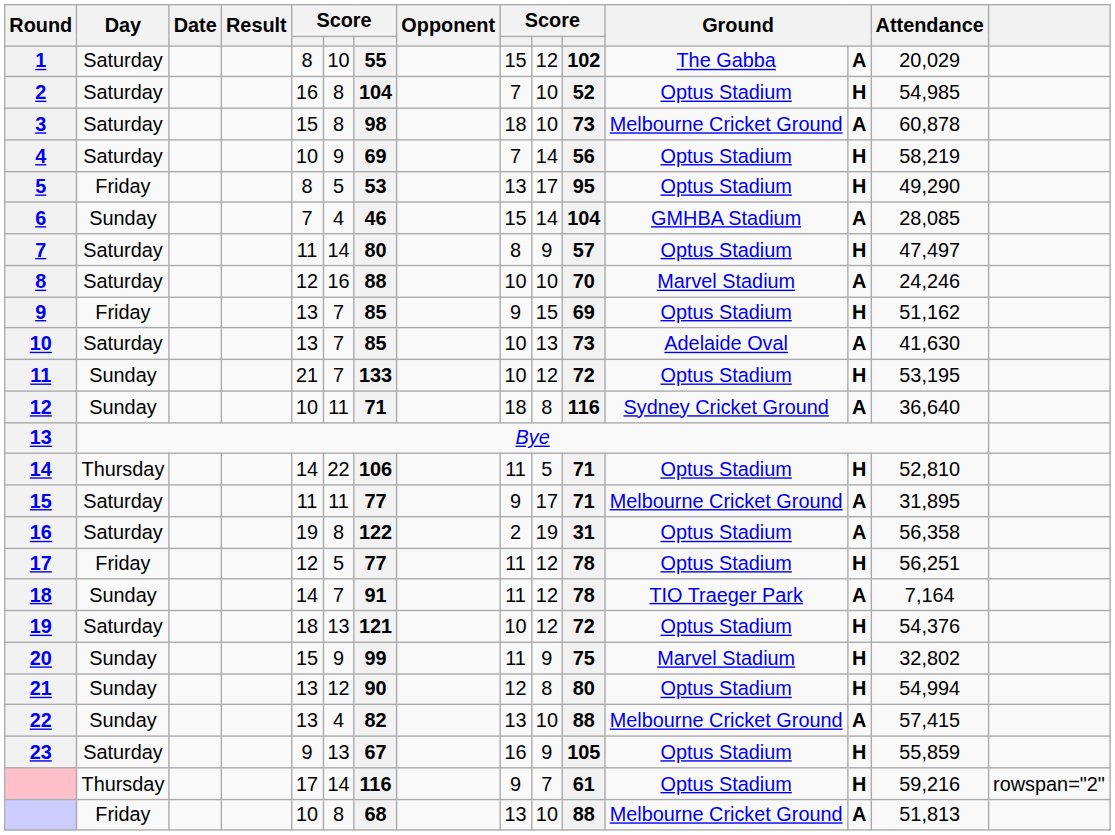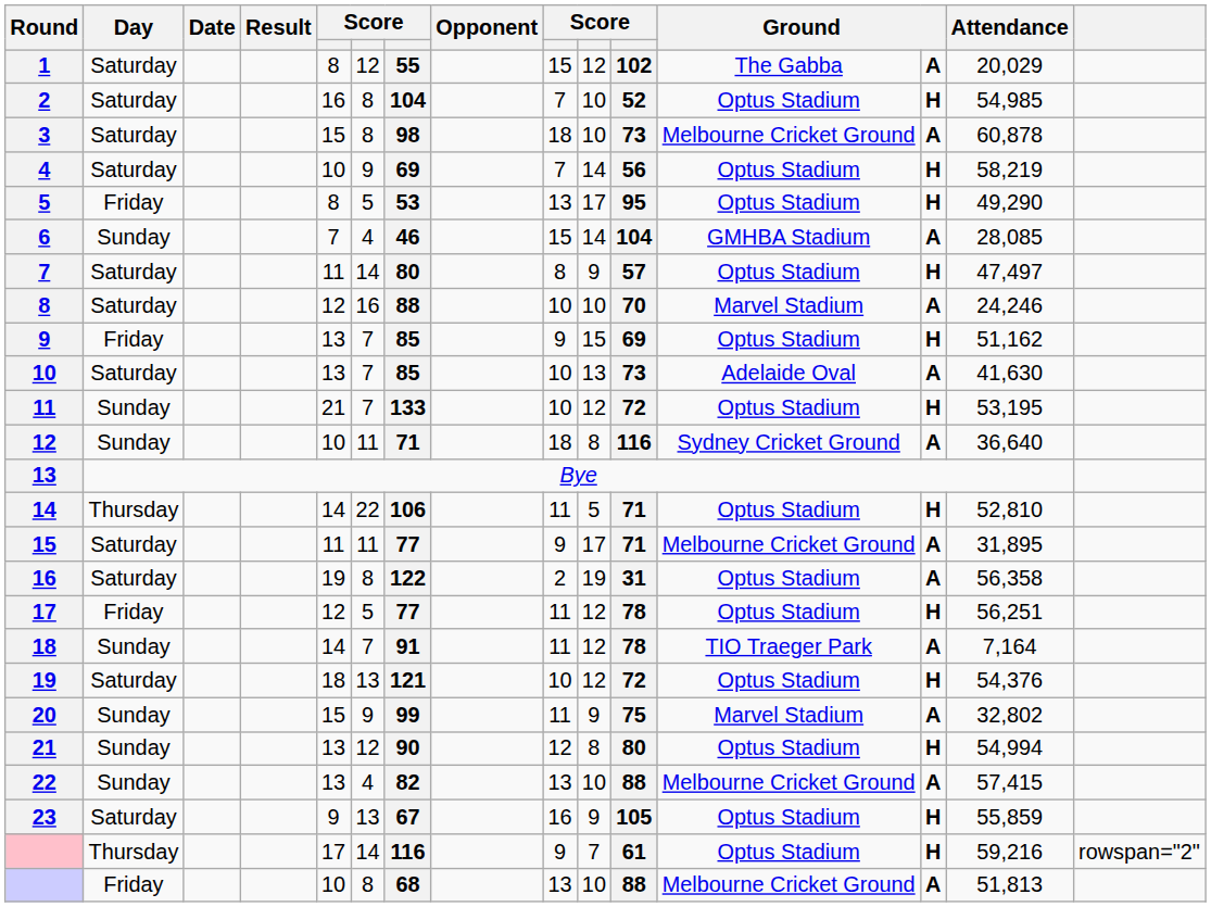 <table class="wikitable plainrowheaders sortable" style="font-size:90%; text-align:center;">
 <tr>
 <th scope="col" rowspan="2">Round</th>
 <th scope="col" rowspan="2">Day</th>
 <th scope="col" rowspan="2">Date</th>
 <th scope="col" rowspan="2">Result</th>
 <th scope="col" colspan="3">Score</th>
 <th scope="col" rowspan="2">Opponent</th>
 <th scope="col" colspan="3">Score</th>
 <th scope="col" rowspan="2" colspan="2">Ground</th>
 <th scope="col" rowspan="2">Attendance</th>
 <th scope="col" rowspan="2"></th>
 </tr>
 <tr>
 <th scope="col"></th>
 <th scope="col"></th>
 <th scope="col"></th>
 <th scope="col"></th>
 <th scope="col"></th>
 <th scope="col"></th>
 </tr>
 <tr>
 <th scope="row" style="text-align:center;"><a href='#'>1</a></th>
 <td>Saturday</td>
 <td></td>
 <td></td>
 <td>8</td>
-<td>10</td>
+<td>12</td>
 <th>55</th>
 <td></td>
 <td>15</td>
 <td>12</td>
 <th>102</th>
 <td data-sort-value="Gabba"><a href='#'>The Gabba</a></td>
 <td><strong>A</strong></td>
 <td>20,029</td>
 <td></td>
 </tr>
 <tr>
 <th scope="row" style="text-align:center;"><a href='#'>2</a></th>
 <td>Saturday</td>
 <td></td>
 <td></td>
 <td>16</td>
 <td>8</td>
 <th>104</th>
 <td></td>
 <td>7</td>
 <td>10</td>
 <th>52</th>
 <td><a href='#'>Optus Stadium</a></td>
 <td><strong>H</strong></td>
 <td>54,985</td>
 <td></td>
 </tr>
 <tr>
 <th scope="row" style="text-align:center;"><a href='#'>3</a></th>
 <td>Saturday</td>
 <td></td>
 <td></td>
 <td>15</td>
 <td>8</td>
 <th>98</th>
 <td></td>
 <td>18</td>
 <td>10</td>
 <th>73</th>
 <td><a href='#'>Melbourne Cricket Ground</a></td>
 <td><strong>A</strong></td>
 <td>60,878</td>
 <td></td>
 </tr>
 <tr>
 <th scope="row" style="text-align:center;"><a href='#'>4</a></th>
 <td>Saturday</td>
 <td></td>
 <td></td>
 <td>10</td>
 <td>9</td>
 <th>69</th>
 <td></td>
 <td>7</td>
 <td>14</td>
 <th>56</th>
 <td><a href='#'>Optus Stadium</a></td>
 <td><strong>H</strong></td>
 <td>58,219</td>
 <td></td>
 </tr>
 <tr>
 <th scope="row" style="text-align:center;"><a href='#'>5</a></th>
 <td>Friday</td>
 <td></td>
 <td></td>
 <td>8</td>
 <td>5</td>
 <th>53</th>
 <td></td>
 <td>13</td>
 <td>17</td>
 <th>95</th>
 <td><a href='#'>Optus Stadium</a></td>
 <td><strong>H</strong></td>
 <td>49,290</td>
 <td></td>
 </tr>
 <tr>
 <th scope="row" style="text-align:center;"><a href='#'>6</a></th>
 <td>Sunday</td>
 <td></td>
 <td></td>
 <td>7</td>
 <td>4</td>
 <th>46</th>
 <td></td>
 <td>15</td>
 <td>14</td>
 <th>104</th>
 <td><a href='#'>GMHBA Stadium</a></td>
 <td><strong>A</strong></td>
 <td>28,085</td>
 <td></td>
 </tr>
 <tr>
 <th scope="row" style="text-align:center;"><a href='#'>7</a></th>
 <td>Saturday</td>
 <td></td>
 <td></td>
 <td>11</td>
 <td>14</td>
 <th>80</th>
 <td></td>
 <td>8</td>
 <td>9</td>
 <th>57</th>
 <td><a href='#'>Optus Stadium</a></td>
 <td><strong>H</strong></td>
 <td>47,497</td>
 <td></td>
 </tr>
 <tr>
 <th scope="row" style="text-align:center;"><a href='#'>8</a></th>
 <td>Saturday</td>
 <td></td>
 <td></td>
 <td>12</td>
 <td>16</td>
 <th>88</th>
 <td></td>
 <td>10</td>
 <td>10</td>
 <th>70</th>
 <td><a href='#'>Marvel Stadium</a></td>
 <td><strong>A</strong></td>
 <td>24,246</td>
 <td></td>
 </tr>
 <tr>
 <th scope="row" style="text-align:center;"><a href='#'>9</a></th>
 <td>Friday</td>
 <td></td>
 <td></td>
 <td>13</td>
 <td>7</td>
 <th>85</th>
 <td></td>
 <td>9</td>
 <td>15</td>
 <th>69</th>
 <td><a href='#'>Optus Stadium</a></td>
 <td><strong>H</strong></td>
 <td>51,162</td>
 <td></td>
 </tr>
 <tr>
 <th scope="row" style="text-align:center;"><a href='#'>10</a></th>
 <td>Saturday</td>
 <td></td>
 <td></td>
 <td>13</td>
 <td>7</td>
 <th>85</th>
 <td></td>
 <td>10</td>
 <td>13</td>
 <th>73</th>
 <td><a href='#'>Adelaide Oval</a></td>
 <td><strong>A</strong></td>
 <td>41,630</td>
 <td></td>
 </tr>
 <tr>
 <th scope="row" style="text-align:center;"><a href='#'>11</a></th>
 <td>Sunday</td>
 <td></td>
 <td></td>
 <td>21</td>
 <td>7</td>
 <th>133</th>
 <td></td>
 <td>10</td>
 <td>12</td>
 <th>72</th>
 <td><a href='#'>Optus Stadium</a></td>
 <td><strong>H</strong></td>
 <td>53,195</td>
 <td></td>
 </tr>
 <tr>
 <th scope="row" style="text-align:center;"><a href='#'>12</a></th>
 <td>Sunday</td>
 <td></td>
 <td></td>
 <td>10</td>
 <td>11</td>
 <th>71</th>
 <td></td>
 <td>18</td>
 <td>8</td>
 <th>116</th>
 <td><a href='#'>Sydney Cricket Ground</a></td>
 <td><strong>A</strong></td>
 <td>36,640</td>
 <td></td>
 </tr>
 <tr>
 <th scope="row" style="text-align:center;"><a href='#'>13</a></th>
 <td colspan=13><em><a href='#'>Bye</a></em></td>
 <td></td>
 </tr>
 <tr>
 <th scope="row" style="text-align:center;"><a href='#'>14</a></th>
 <td>Thursday</td>
 <td></td>
 <td></td>
 <td>14</td>
 <td>22</td>
 <th>106</th>
 <td></td>
 <td>11</td>
 <td>5</td>
 <th>71</th>
 <td><a href='#'>Optus Stadium</a></td>
 <td><strong>H</strong></td>
 <td>52,810</td>
 <td></td>
 </tr>
 <tr>
 <th scope="row" style="text-align:center;"><a href='#'>15</a></th>
 <td>Saturday</td>
 <td></td>
 <td></td>
 <td>11</td>
 <td>11</td>
 <th>77</th>
 <td></td>
 <td>9</td>
 <td>17</td>
 <th>71</th>
 <td><a href='#'>Melbourne Cricket Ground</a></td>
 <td><strong>A</strong></td>
 <td>31,895</td>
 <td></td>
 </tr>
 <tr>
 <th scope="row" style="text-align:center;"><a href='#'>16</a></th>
 <td>Saturday</td>
 <td></td>
 <td></td>
 <td>19</td>
 <td>8</td>
 <th>122</th>
 <td></td>
 <td>2</td>
 <td>19</td>
 <th>31</th>
 <td><a href='#'>Optus Stadium</a></td>
 <td><strong>A</strong></td>
 <td>56,358</td>
 <td></td>
 </tr>
 <tr>
 <th scope="row" style="text-align:center;"><a href='#'>17</a></th>
 <td>Friday</td>
 <td></td>
 <td></td>
 <td>12</td>
 <td>5</td>
 <th>77</th>
 <td></td>
 <td>11</td>
 <td>12</td>
 <th>78</th>
 <td><a href='#'>Optus Stadium</a></td>
 <td><strong>H</strong></td>
 <td>56,251</td>
 <td></td>
 </tr>
 <tr>
 <th scope="row" style="text-align:center;"><a href='#'>18</a></th>
 <td>Sunday</td>
 <td></td>
 <td></td>
 <td>14</td>
 <td>7</td>
 <th>91</th>
 <td></td>
 <td>11</td>
 <td>12</td>
 <th>78</th>
 <td><a href='#'>TIO Traeger Park</a></td>
 <td><strong>A</strong></td>
 <td>7,164</td>
 <td></td>
 </tr>
 <tr>
 <th scope="row" style="text-align:center;"><a href='#'>19</a></th>
 <td>Saturday</td>
 <td></td>
 <td></td>
 <td>18</td>
 <td>13</td>
 <th>121</th>
 <td></td>
 <td>10</td>
 <td>12</td>
 <th>72</th>
 <td><a href='#'>Optus Stadium</a></td>
 <td><strong>H</strong></td>
 <td>54,376</td>
 <td></td>
 </tr>
 <tr>
 <th scope="row" style="text-align:center;"><a href='#'>20</a></th>
 <td>Sunday</td>
 <td></td>
 <td></td>
 <td>15</td>
 <td>9</td>
 <th>99</th>
 <td></td>
 <td>11</td>
 <td>9</td>
 <th>75</th>
 <td><a href='#'>Marvel Stadium</a></td>
-<td><strong>H</strong></td>
+<td><strong>A</strong></td>
 <td>32,802</td>
 <td></td>
 </tr>
 <tr>
 <th scope="row" style="text-align:center;"><a href='#'>21</a></th>
 <td>Sunday</td>
 <td></td>
 <td></td>
 <td>13</td>
 <td>12</td>
 <th>90</th>
 <td></td>
 <td>12</td>
 <td>8</td>
 <th>80</th>
 <td><a href='#'>Optus Stadium</a></td>
 <td><strong>H</strong></td>
 <td>54,994</td>
 <td></td>
 </tr>
 <tr>
 <th scope="row" style="text-align:center;"><a href='#'>22</a></th>
 <td>Sunday</td>
 <td></td>
 <td></td>
 <td>13</td>
 <td>4</td>
 <th>82</th>
 <td></td>
 <td>13</td>
 <td>10</td>
 <th>88</th>
 <td><a href='#'>Melbourne Cricket Ground</a></td>
 <td><strong>A</strong></td>
 <td>57,415</td>
 <td></td>
 </tr>
 <tr>
 <th scope="row" style="text-align:center;"><a href='#'>23</a></th>
 <td>Saturday</td>
 <td></td>
 <td></td>
 <td>9</td>
 <td>13</td>
 <th>67</th>
 <td></td>
 <td>16</td>
 <td>9</td>
 <th>105</th>
 <td><a href='#'>Optus Stadium</a></td>
 <td><strong>H</strong></td>
 <td>55,859</td>
 <td></td>
 </tr>
 <tr>
 <th scope="row" style="background:#FFC0CB; text-align:center;"></th>
 <td>Thursday</td>
 <td></td>
 <td></td>
 <td>17</td>
 <td>14</td>
 <th>116</th>
 <td></td>
 <td>9</td>
 <td>7</td>
 <th>61</th>
 <td><a href='#'>Optus Stadium</a></td>
 <td><strong>H</strong></td>
 <td>59,216</td>
 <td>rowspan="2" </td>
 </tr>
 <tr>
 <th scope="row" style="background:#CCCCFF; text-align:center;"></th>
 <td>Friday</td>
 <td></td>
 <td></td>
 <td>10</td>
 <td>8</td>
 <th>68</th>
 <td></td>
 <td>13</td>
 <td>10</td>
 <th>88</th>
 <td><a href='#'>Melbourne Cricket Ground</a></td>
 <td><strong>A</strong></td>
 <td>51,813</td>
 </tr>
 </table>
